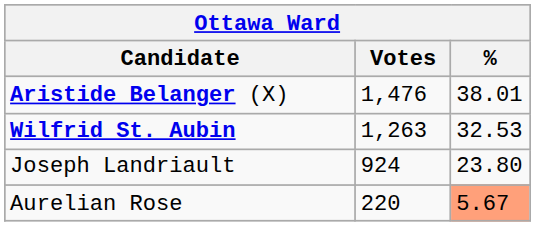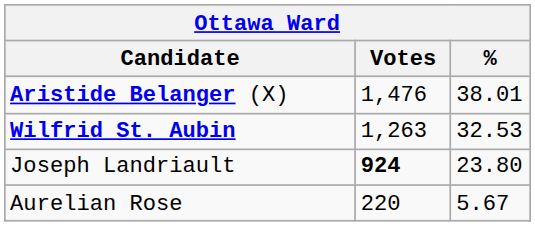 <table class="wikitable">
 <tr>
 <th colspan="3"><a href='#'>Ottawa Ward</a></th>
 </tr>
 <tr>
 <th style="width: 200px">Candidate</th>
 <th style="width: 50px">Votes</th>
 <th style="width: 40px">%</th>
 </tr>
 <tr>
 <td><strong><a href='#'>Aristide Belanger</a></strong> (X)</td>
 <td>1,476</td>
 <td>38.01</td>
 </tr>
 <tr>
 <td><strong><a href='#'>Wilfrid St. Aubin</a></strong></td>
 <td>1,263</td>
 <td>32.53</td>
 </tr>
 <tr>
 <td>Joseph Landriault</td>
-<td>924</td>
+<td><strong>924</strong></td>
 <td>23.80</td>
 </tr>
 <tr>
 <td>Aurelian Rose</td>
 <td>220</td>
-<td style="background: lightsalmon;">5.67</td>
+<td>5.67</td>
 </tr>
 </table>
